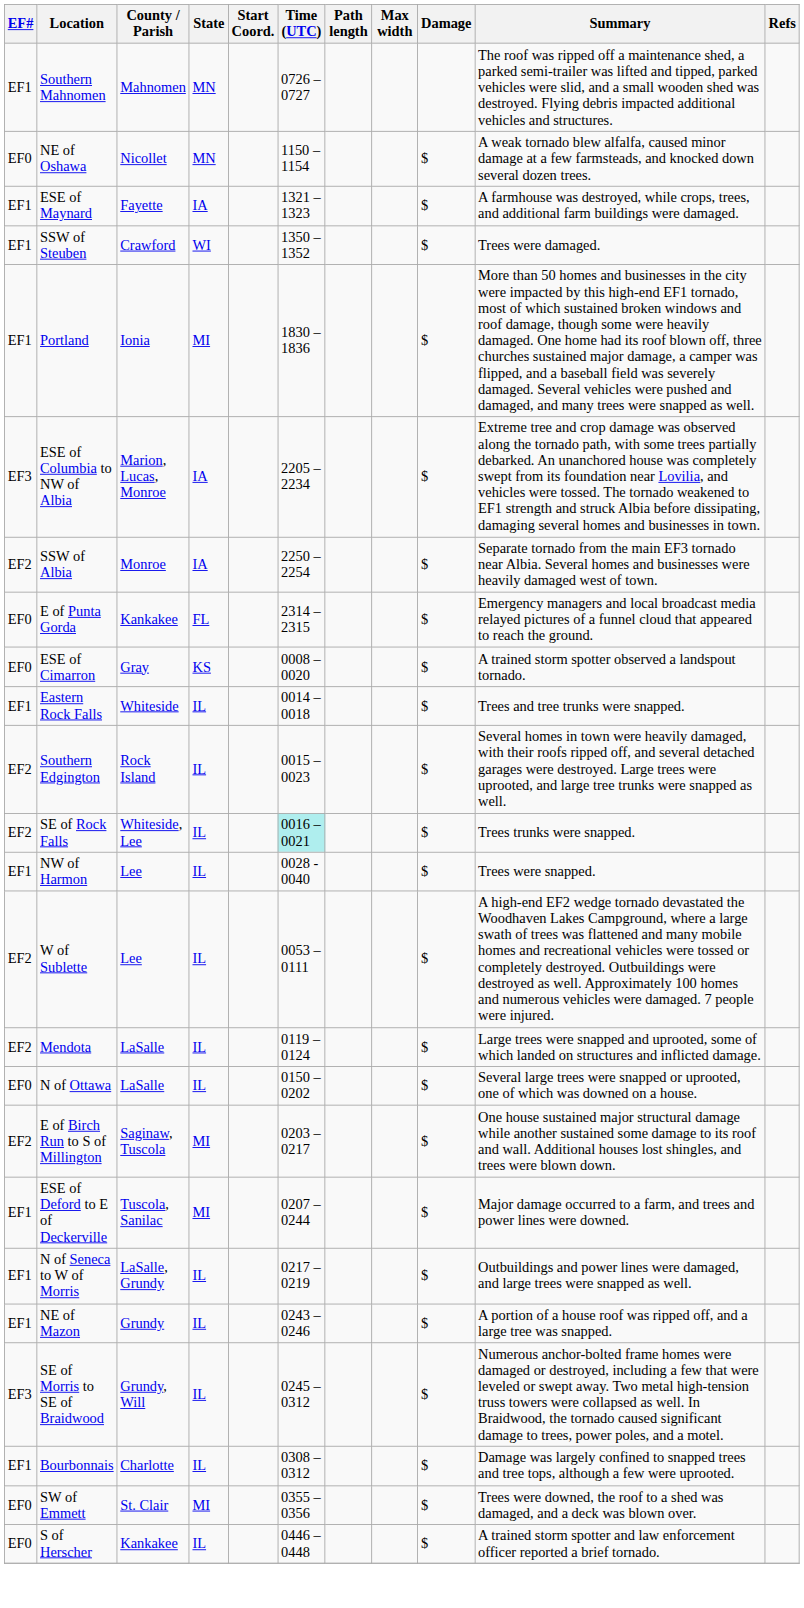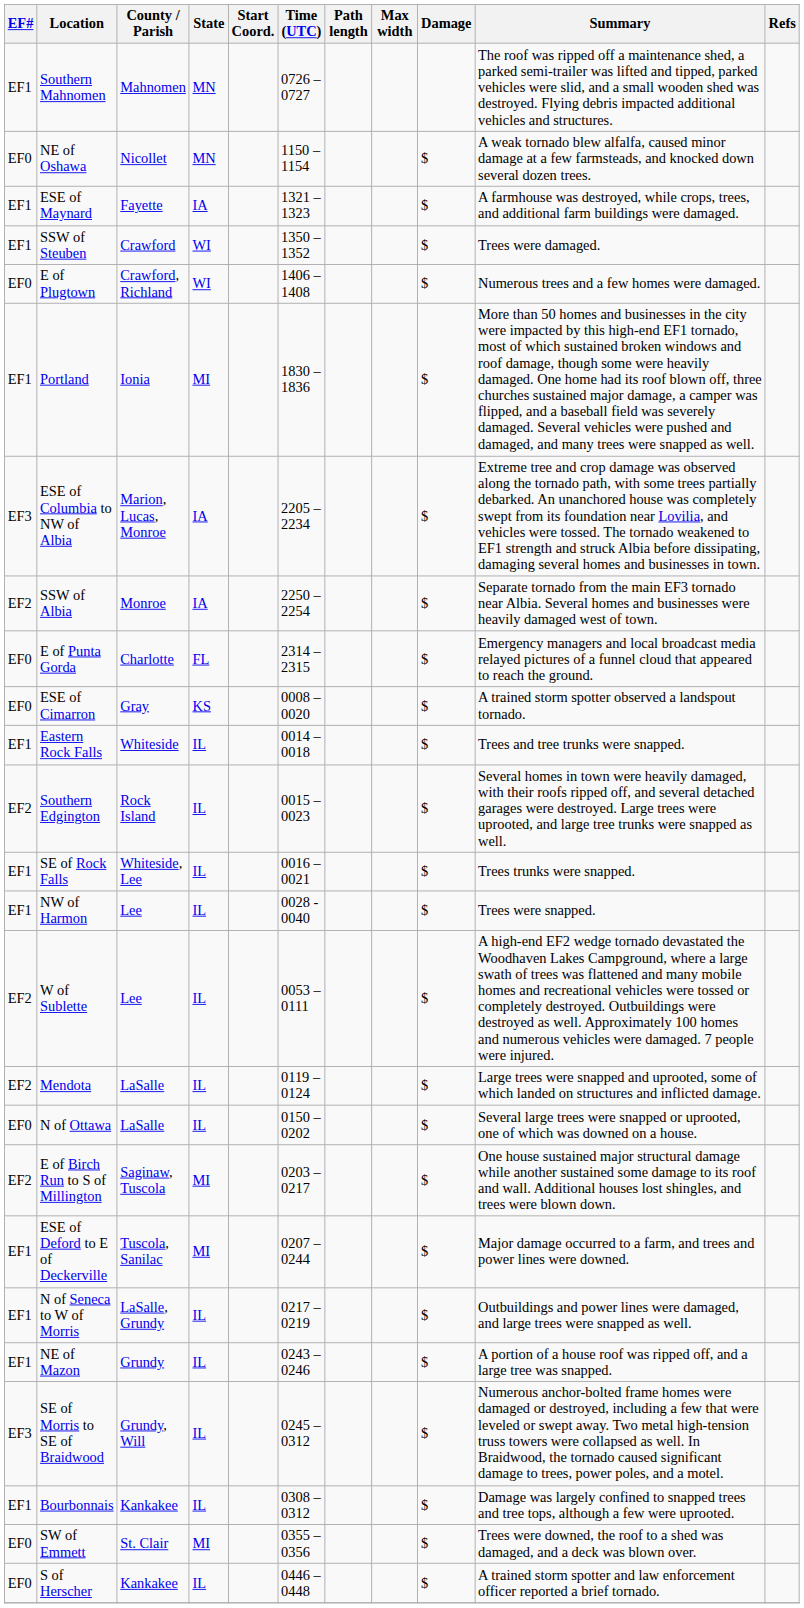 <table class="wikitable sortable" style="width:100%;">
 <tr>
 <th scope="col" width="3%" align="center"><a href='#'>EF#</a></th>
 <th scope="col" width="7%" align="center" class="unsortable">Location</th>
 <th scope="col" width="6%" align="center" class="unsortable">County / Parish</th>
 <th scope="col" width="5%" align="center">State</th>
 <th scope="col" width="6%" align="center">Start Coord.</th>
 <th scope="col" width="6%" align="center">Time (<a href='#'>UTC</a>)</th>
 <th scope="col" width="6%" align="center">Path length</th>
 <th scope="col" width="6%" align="center">Max width</th>
 <th scope="col" width="6%" align="center">Damage</th>
 <th scope="col" width="48%" class="unsortable" align="center">Summary</th>
 <th scope="col" width="48%" class="unsortable" align="center">Refs</th>
 </tr>
 <tr>
 <td>EF1</td>
 <td><a href='#'>Southern Mahnomen</a></td>
 <td><a href='#'>Mahnomen</a></td>
 <td><a href='#'>MN</a></td>
 <td></td>
 <td>0726 – 0727</td>
 <td></td>
 <td></td>
 <td></td>
 <td>The roof was ripped off a maintenance shed, a parked semi-trailer was lifted and tipped, parked vehicles were slid, and a small wooden shed was destroyed. Flying debris impacted additional vehicles and structures.</td>
 <td></td>
 </tr>
 <tr>
 <td>EF0</td>
 <td>NE of <a href='#'>Oshawa</a></td>
 <td><a href='#'>Nicollet</a></td>
 <td><a href='#'>MN</a></td>
 <td></td>
 <td>1150 – 1154</td>
 <td></td>
 <td></td>
 <td>$</td>
 <td>A weak tornado blew alfalfa, caused minor damage at a few farmsteads, and knocked down several dozen trees.</td>
 <td></td>
 </tr>
 <tr>
 <td>EF1</td>
 <td>ESE of <a href='#'>Maynard</a></td>
 <td><a href='#'>Fayette</a></td>
 <td><a href='#'>IA</a></td>
 <td></td>
 <td>1321 – 1323</td>
 <td></td>
 <td></td>
 <td>$</td>
 <td>A farmhouse was destroyed, while crops, trees, and additional farm buildings were damaged.</td>
 <td></td>
 </tr>
 <tr>
 <td>EF1</td>
 <td>SSW of <a href='#'>Steuben</a></td>
 <td><a href='#'>Crawford</a></td>
 <td><a href='#'>WI</a></td>
 <td></td>
 <td>1350 – 1352</td>
 <td></td>
 <td></td>
 <td>$</td>
 <td>Trees were damaged.</td>
 <td></td>
 </tr>
 <tr>
+<td>EF0</td>
+<td>E of <a href='#'>Plugtown</a></td>
+<td><a href='#'>Crawford</a>, <a href='#'>Richland</a></td>
+<td><a href='#'>WI</a></td>
+<td></td>
+<td>1406 – 1408</td>
+<td></td>
+<td></td>
+<td>$</td>
+<td>Numerous trees and a few homes were damaged.</td>
+<td></td>
+</tr>
+<tr>
 <td>EF1</td>
 <td><a href='#'>Portland</a></td>
 <td><a href='#'>Ionia</a></td>
 <td><a href='#'>MI</a></td>
 <td></td>
 <td>1830 – 1836</td>
 <td></td>
 <td></td>
 <td>$</td>
 <td>More than 50 homes and businesses in the city were impacted by this high-end EF1 tornado, most of which sustained broken windows and roof damage, though some were heavily damaged. One home had its roof blown off, three churches sustained major damage, a camper was flipped, and a baseball field was severely damaged. Several vehicles were pushed and damaged, and many trees were snapped as well.</td>
 <td></td>
 </tr>
 <tr>
 <td>EF3</td>
 <td>ESE of <a href='#'>Columbia</a> to NW of <a href='#'>Albia</a></td>
 <td><a href='#'>Marion</a>, <a href='#'>Lucas</a>, <a href='#'>Monroe</a></td>
 <td><a href='#'>IA</a></td>
 <td></td>
 <td>2205 – 2234</td>
 <td></td>
 <td></td>
 <td>$</td>
 <td>Extreme tree and crop damage was observed along the tornado path, with some trees partially debarked. An unanchored house was completely swept from its foundation near <a href='#'>Lovilia</a>, and vehicles were tossed. The tornado weakened to EF1 strength and struck Albia before dissipating, damaging several homes and businesses in town.</td>
 <td><br></td>
 </tr>
 <tr>
 <td>EF2</td>
 <td>SSW of <a href='#'>Albia</a></td>
 <td><a href='#'>Monroe</a></td>
 <td><a href='#'>IA</a></td>
 <td></td>
 <td>2250 – 2254</td>
 <td></td>
 <td></td>
 <td>$</td>
 <td>Separate tornado from the main EF3 tornado near Albia. Several homes and businesses were heavily damaged west of town.</td>
 <td></td>
 </tr>
 <tr>
 <td>EF0</td>
 <td>E of <a href='#'>Punta Gorda</a></td>
-<td><a href='#'>Kankakee</a></td>
+<td><a href='#'>Charlotte</a></td>
 <td><a href='#'>FL</a></td>
 <td></td>
 <td>2314 – 2315</td>
 <td></td>
 <td></td>
 <td>$</td>
 <td>Emergency managers and local broadcast media relayed pictures of a funnel cloud that appeared to reach the ground.</td>
 <td></td>
 </tr>
 <tr>
 <td>EF0</td>
 <td>ESE of <a href='#'>Cimarron</a></td>
 <td><a href='#'>Gray</a></td>
 <td><a href='#'>KS</a></td>
 <td></td>
 <td>0008 – 0020</td>
 <td></td>
 <td></td>
 <td>$</td>
 <td>A trained storm spotter observed a landspout tornado.</td>
 <td></td>
 </tr>
 <tr>
 <td>EF1</td>
 <td><a href='#'>Eastern Rock Falls</a></td>
 <td><a href='#'>Whiteside</a></td>
 <td><a href='#'>IL</a></td>
 <td></td>
 <td>0014 – 0018</td>
 <td></td>
 <td></td>
 <td>$</td>
 <td>Trees and tree trunks were snapped.</td>
 <td></td>
 </tr>
 <tr>
 <td>EF2</td>
 <td><a href='#'>Southern Edgington</a></td>
 <td><a href='#'>Rock Island</a></td>
 <td><a href='#'>IL</a></td>
 <td></td>
 <td>0015 – 0023</td>
 <td></td>
 <td></td>
 <td>$</td>
 <td>Several homes in town were heavily damaged, with their roofs ripped off, and several detached garages were destroyed. Large trees were uprooted, and large tree trunks were snapped as well.</td>
 <td></td>
 </tr>
 <tr>
-<td>EF2</td>
+<td>EF1</td>
 <td>SE of <a href='#'>Rock Falls</a></td>
 <td><a href='#'>Whiteside</a>, <a href='#'>Lee</a></td>
 <td><a href='#'>IL</a></td>
 <td></td>
-<td style="background: paleturquoise;">0016 – 0021</td>
+<td>0016 – 0021</td>
 <td></td>
 <td></td>
 <td>$</td>
 <td>Trees trunks were snapped.</td>
 <td></td>
 </tr>
 <tr>
 <td>EF1</td>
 <td>NW of <a href='#'>Harmon</a></td>
 <td><a href='#'>Lee</a></td>
 <td><a href='#'>IL</a></td>
 <td></td>
 <td>0028 - 0040</td>
 <td></td>
 <td></td>
 <td>$</td>
 <td>Trees were snapped.</td>
 <td></td>
 </tr>
 <tr>
 <td>EF2</td>
 <td>W of <a href='#'>Sublette</a></td>
 <td><a href='#'>Lee</a></td>
 <td><a href='#'>IL</a></td>
 <td></td>
 <td>0053 – 0111</td>
 <td></td>
 <td></td>
 <td>$</td>
 <td>A high-end EF2 wedge tornado devastated the Woodhaven Lakes Campground, where a large swath of trees was flattened and many mobile homes and recreational vehicles were tossed or completely destroyed. Outbuildings were destroyed as well. Approximately 100 homes and numerous vehicles were damaged. 7 people were injured.</td>
 <td></td>
 </tr>
 <tr>
 <td>EF2</td>
 <td><a href='#'>Mendota</a></td>
 <td><a href='#'>LaSalle</a></td>
 <td><a href='#'>IL</a></td>
 <td></td>
 <td>0119 – 0124</td>
 <td></td>
 <td></td>
 <td>$</td>
 <td>Large trees were snapped and uprooted, some of which landed on structures and inflicted damage.</td>
 <td></td>
 </tr>
 <tr>
 <td>EF0</td>
 <td>N of <a href='#'>Ottawa</a></td>
 <td><a href='#'>LaSalle</a></td>
 <td><a href='#'>IL</a></td>
 <td></td>
 <td>0150 – 0202</td>
 <td></td>
 <td></td>
 <td>$</td>
 <td>Several large trees were snapped or uprooted, one of which was downed on a house.</td>
 <td></td>
 </tr>
 <tr>
 <td>EF2</td>
 <td>E of <a href='#'>Birch Run</a> to S of <a href='#'>Millington</a></td>
 <td><a href='#'>Saginaw</a>, <a href='#'>Tuscola</a></td>
 <td><a href='#'>MI</a></td>
 <td></td>
 <td>0203 – 0217</td>
 <td></td>
 <td></td>
 <td>$</td>
 <td>One house sustained major structural damage while another sustained some damage to its roof and wall. Additional houses lost shingles, and trees were blown down.</td>
 <td></td>
 </tr>
 <tr>
 <td>EF1</td>
 <td>ESE of <a href='#'>Deford</a> to E of <a href='#'>Deckerville</a></td>
 <td><a href='#'>Tuscola</a>, <a href='#'>Sanilac</a></td>
 <td><a href='#'>MI</a></td>
 <td></td>
 <td>0207 – 0244</td>
 <td></td>
 <td></td>
 <td>$</td>
 <td>Major damage occurred to a farm, and trees and power lines were downed.</td>
 <td></td>
 </tr>
 <tr>
 <td>EF1</td>
 <td>N of <a href='#'>Seneca</a> to W of <a href='#'>Morris</a></td>
 <td><a href='#'>LaSalle</a>, <a href='#'>Grundy</a></td>
 <td><a href='#'>IL</a></td>
 <td></td>
 <td>0217 – 0219</td>
 <td></td>
 <td></td>
 <td>$</td>
 <td>Outbuildings and power lines were damaged, and large trees were snapped as well.</td>
 <td></td>
 </tr>
 <tr>
 <td>EF1</td>
 <td>NE of <a href='#'>Mazon</a></td>
 <td><a href='#'>Grundy</a></td>
 <td><a href='#'>IL</a></td>
 <td></td>
 <td>0243 – 0246</td>
 <td></td>
 <td></td>
 <td>$</td>
 <td>A portion of a house roof was ripped off, and a large tree was snapped.</td>
 <td></td>
 </tr>
 <tr>
 <td>EF3</td>
 <td>SE of <a href='#'>Morris</a> to SE of <a href='#'>Braidwood</a></td>
 <td><a href='#'>Grundy</a>, <a href='#'>Will</a></td>
 <td><a href='#'>IL</a></td>
 <td></td>
 <td>0245 – 0312</td>
 <td></td>
 <td></td>
 <td>$</td>
 <td>Numerous anchor-bolted frame homes were damaged or destroyed, including a few that were leveled or swept away. Two metal high-tension truss towers were collapsed as well. In Braidwood, the tornado caused significant damage to trees, power poles, and a motel.</td>
 <td></td>
 </tr>
 <tr>
 <td>EF1</td>
 <td><a href='#'>Bourbonnais</a></td>
-<td><a href='#'>Charlotte</a></td>
+<td><a href='#'>Kankakee</a></td>
 <td><a href='#'>IL</a></td>
 <td></td>
 <td>0308 – 0312</td>
 <td></td>
 <td></td>
 <td>$</td>
 <td>Damage was largely confined to snapped trees and tree tops, although a few were uprooted.</td>
 <td></td>
 </tr>
 <tr>
 <td>EF0</td>
 <td>SW of <a href='#'>Emmett</a></td>
 <td><a href='#'>St. Clair</a></td>
 <td><a href='#'>MI</a></td>
 <td></td>
 <td>0355 – 0356</td>
 <td></td>
 <td></td>
 <td>$</td>
 <td>Trees were downed, the roof to a shed was damaged, and a deck was blown over.</td>
 <td></td>
 </tr>
 <tr>
 <td>EF0</td>
 <td>S of <a href='#'>Herscher</a></td>
 <td><a href='#'>Kankakee</a></td>
 <td><a href='#'>IL</a></td>
 <td></td>
 <td>0446 – 0448</td>
 <td></td>
 <td></td>
 <td>$</td>
 <td>A trained storm spotter and law enforcement officer reported a brief tornado.</td>
 <td></td>
 </tr>
 <tr>
 </tr>
 </table>
